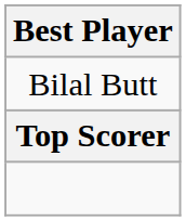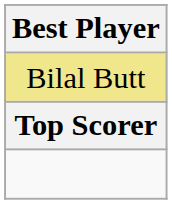 <table class="wikitable" style="margin:auto;text-align:center">
 <tr>
 <th>Best Player</th>
 </tr>
 <tr>
-<td> Bilal Butt</td>
+<td style="background: khaki;"> Bilal Butt</td>
 </tr>
 <tr>
 <th>Top Scorer</th>
 </tr>
 <tr>
 <td> <br></td>
 </tr>
 </table>
